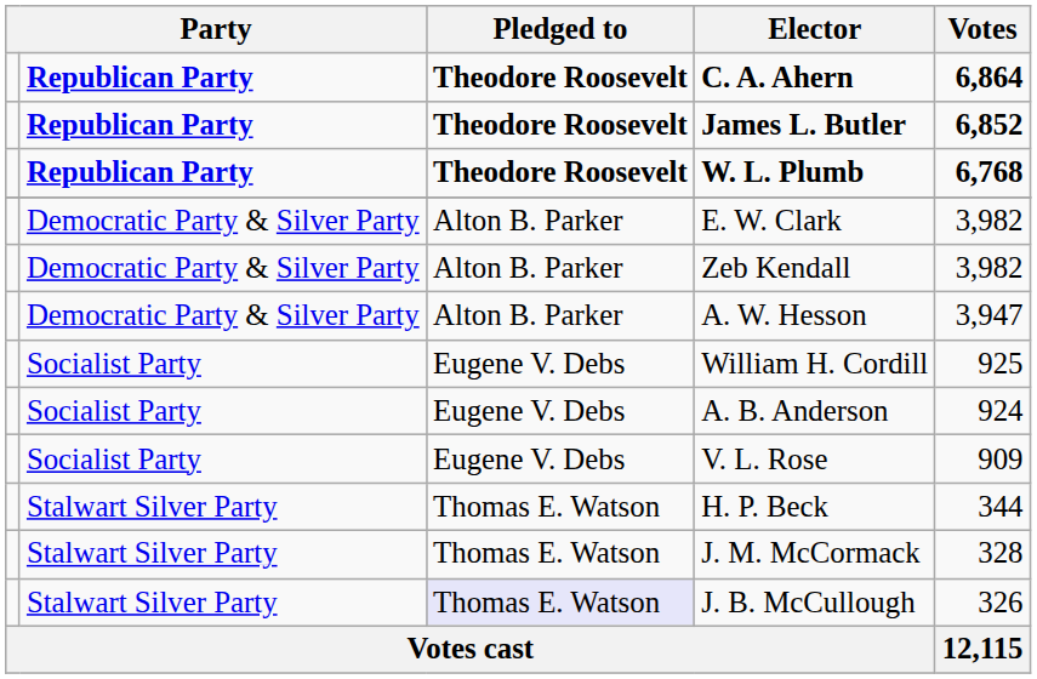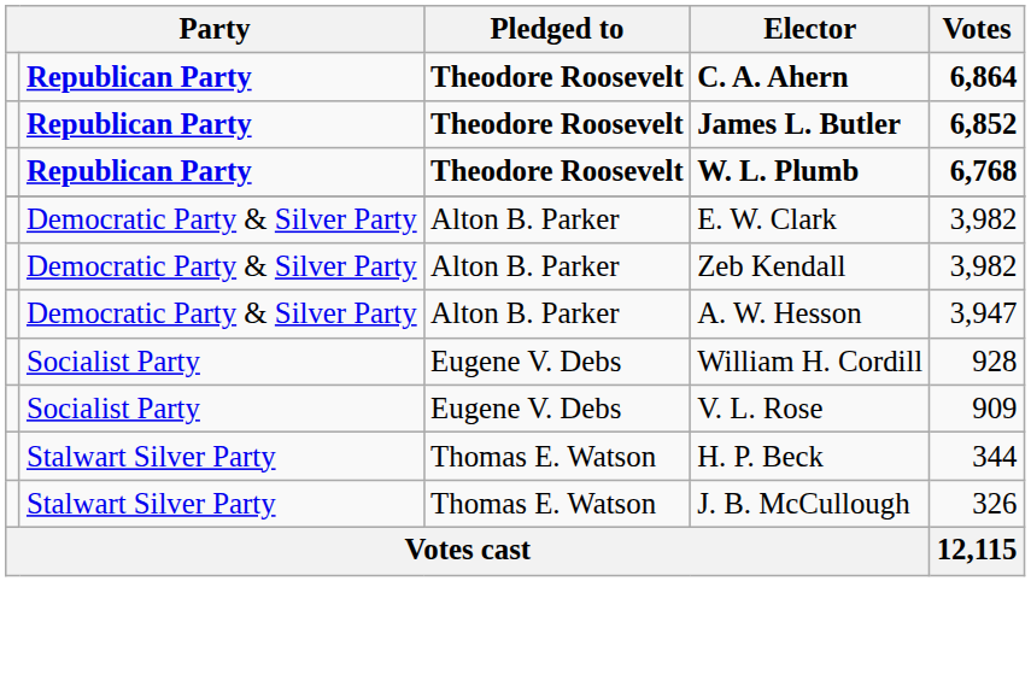 <table class="wikitable">
 <tr>
 <th colspan=2>Party</th>
 <th>Pledged to</th>
 <th>Elector</th>
 <th>Votes</th>
 </tr>
 <tr style="font-weight:bold">
 <td></td>
 <td><a href='#'>Republican Party</a></td>
 <td>Theodore Roosevelt</td>
 <td>C. A. Ahern</td>
 <td align="right">6,864</td>
 </tr>
 <tr style="font-weight:bold">
 <td></td>
 <td><a href='#'>Republican Party</a></td>
 <td>Theodore Roosevelt</td>
 <td>James L. Butler</td>
 <td align="right">6,852</td>
 </tr>
 <tr style="font-weight:bold">
 <td></td>
 <td><a href='#'>Republican Party</a></td>
 <td>Theodore Roosevelt</td>
 <td>W. L. Plumb</td>
 <td align="right">6,768</td>
 </tr>
 <tr style="font-weight:bold">
 </tr>
 <tr>
 <td></td>
 <td><a href='#'>Democratic Party</a> & <a href='#'>Silver Party</a></td>
 <td>Alton B. Parker</td>
 <td>E. W. Clark</td>
 <td align="right">3,982</td>
 </tr>
 <tr>
 <td></td>
 <td><a href='#'>Democratic Party</a> & <a href='#'>Silver Party</a></td>
 <td>Alton B. Parker</td>
 <td>Zeb Kendall</td>
 <td align="right">3,982</td>
 </tr>
 <tr>
 <td></td>
 <td><a href='#'>Democratic Party</a> & <a href='#'>Silver Party</a></td>
 <td>Alton B. Parker</td>
 <td>A. W. Hesson</td>
 <td align="right">3,947</td>
 </tr>
 <tr>
 <td></td>
 <td><a href='#'>Socialist Party</a></td>
 <td>Eugene V. Debs</td>
 <td>William H. Cordill</td>
-<td align="right">925</td>
-</tr>
-<tr>
-<td></td>
-<td><a href='#'>Socialist Party</a></td>
-<td>Eugene V. Debs</td>
-<td>A. B. Anderson</td>
-<td align="right">924</td>
+<td align="right">928</td>
 </tr>
 <tr>
 <td></td>
 <td><a href='#'>Socialist Party</a></td>
 <td>Eugene V. Debs</td>
 <td>V. L. Rose</td>
 <td align="right">909</td>
 </tr>
 <tr>
 <td></td>
 <td><a href='#'>Stalwart Silver Party</a></td>
 <td>Thomas E. Watson</td>
 <td>H. P. Beck</td>
 <td align="right">344</td>
 </tr>
 <tr>
 <td></td>
 <td><a href='#'>Stalwart Silver Party</a></td>
 <td>Thomas E. Watson</td>
-<td>J. M. McCormack</td>
-<td align="right">328</td>
-</tr>
-<tr>
-<td></td>
-<td><a href='#'>Stalwart Silver Party</a></td>
-<td style="background: lavender;">Thomas E. Watson</td>
 <td>J. B. McCullough</td>
 <td align="right">326</td>
 </tr>
 <tr>
 <th colspan="4">Votes cast</th>
 <th>12,115</th>
 </tr>
 </table>
